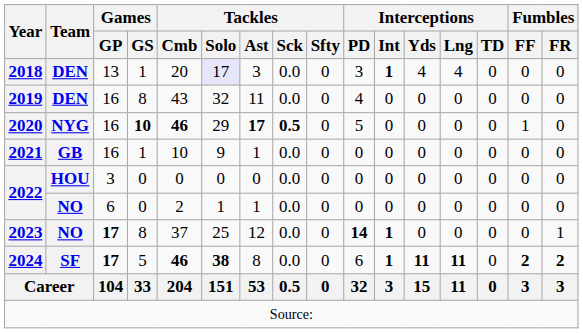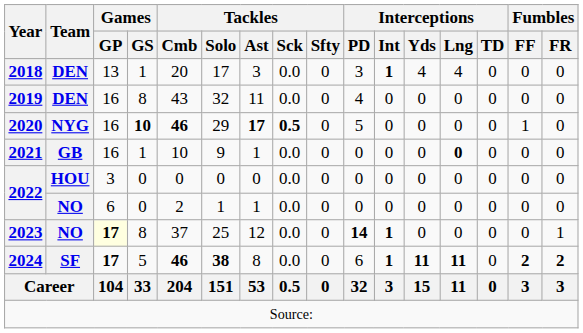 <table class="wikitable" style="text-align: center;">
 <tr>
 <th rowspan="2">Year</th>
 <th rowspan="2">Team</th>
 <th colspan="2">Games</th>
 <th colspan="5">Tackles</th>
 <th colspan="5">Interceptions</th>
 <th colspan="2">Fumbles</th>
 </tr>
 <tr>
 <th>GP</th>
 <th>GS</th>
 <th>Cmb</th>
 <th>Solo</th>
 <th>Ast</th>
 <th>Sck</th>
 <th>Sfty</th>
 <th>PD</th>
 <th>Int</th>
 <th>Yds</th>
 <th>Lng</th>
 <th>TD</th>
 <th>FF</th>
 <th>FR</th>
 </tr>
 <tr>
 <th><a href='#'>2018</a></th>
 <th><a href='#'>DEN</a></th>
 <td>13</td>
 <td>1</td>
 <td>20</td>
-<td style="background: lavender;">17</td>
+<td>17</td>
 <td>3</td>
 <td>0.0</td>
 <td>0</td>
 <td>3</td>
 <td><strong>1</strong></td>
 <td>4</td>
 <td>4</td>
 <td>0</td>
 <td>0</td>
 <td>0</td>
 </tr>
 <tr>
 <th><a href='#'>2019</a></th>
 <th><a href='#'>DEN</a></th>
 <td>16</td>
 <td>8</td>
 <td>43</td>
 <td>32</td>
 <td>11</td>
 <td>0.0</td>
 <td>0</td>
 <td>4</td>
 <td>0</td>
 <td>0</td>
 <td>0</td>
 <td>0</td>
 <td>0</td>
 <td>0</td>
 </tr>
 <tr>
 <th><a href='#'>2020</a></th>
 <th><a href='#'>NYG</a></th>
 <td>16</td>
 <td><strong>10</strong></td>
 <td><strong>46</strong></td>
 <td>29</td>
 <td><strong>17</strong></td>
 <td><strong>0.5</strong></td>
 <td>0</td>
 <td>5</td>
 <td>0</td>
 <td>0</td>
 <td>0</td>
 <td>0</td>
 <td>1</td>
 <td>0</td>
 </tr>
 <tr>
 <th><a href='#'>2021</a></th>
 <th><a href='#'>GB</a></th>
 <td>16</td>
 <td>1</td>
 <td>10</td>
 <td>9</td>
 <td>1</td>
 <td>0.0</td>
 <td>0</td>
 <td>0</td>
 <td>0</td>
 <td>0</td>
-<td>0</td>
+<td><strong>0</strong></td>
 <td>0</td>
 <td>0</td>
 <td>0</td>
 </tr>
 <tr>
 <th rowspan="2"><a href='#'>2022</a></th>
 <th><a href='#'>HOU</a></th>
 <td>3</td>
 <td>0</td>
 <td>0</td>
 <td>0</td>
 <td>0</td>
 <td>0.0</td>
 <td>0</td>
 <td>0</td>
 <td>0</td>
 <td>0</td>
 <td>0</td>
 <td>0</td>
 <td>0</td>
 <td>0</td>
 </tr>
 <tr>
 <th><a href='#'>NO</a></th>
 <td>6</td>
 <td>0</td>
 <td>2</td>
 <td>1</td>
 <td>1</td>
 <td>0.0</td>
 <td>0</td>
 <td>0</td>
 <td>0</td>
 <td>0</td>
 <td>0</td>
 <td>0</td>
 <td>0</td>
 <td>0</td>
 </tr>
 <tr>
 <th><a href='#'>2023</a></th>
 <th><a href='#'>NO</a></th>
-<td><strong>17</strong></td>
+<td style="background: lightyellow;"><strong>17</strong></td>
 <td>8</td>
 <td>37</td>
 <td>25</td>
 <td>12</td>
 <td>0.0</td>
 <td>0</td>
 <td><strong>14</strong></td>
 <td><strong>1</strong></td>
 <td>0</td>
 <td>0</td>
 <td>0</td>
 <td>0</td>
 <td>1</td>
 </tr>
 <tr>
 <th><a href='#'>2024</a></th>
 <th><a href='#'>SF</a></th>
 <td><strong>17</strong></td>
 <td>5</td>
 <td><strong>46</strong></td>
 <td><strong>38</strong></td>
 <td>8</td>
 <td>0.0</td>
 <td>0</td>
 <td>6</td>
 <td><strong>1</strong></td>
 <td><strong>11</strong></td>
 <td><strong>11</strong></td>
 <td>0</td>
 <td><strong>2</strong></td>
 <td><strong>2</strong></td>
 </tr>
 <tr>
 <th colspan="2">Career</th>
 <th>104</th>
 <th>33</th>
 <th>204</th>
 <th>151</th>
 <th>53</th>
 <th>0.5</th>
 <th>0</th>
 <th>32</th>
 <th>3</th>
 <th>15</th>
 <th>11</th>
 <th>0</th>
 <th>3</th>
 <th>3</th>
 </tr>
 <tr>
 <td colspan="16"><small>Source: </small></td>
 </tr>
 </table>
